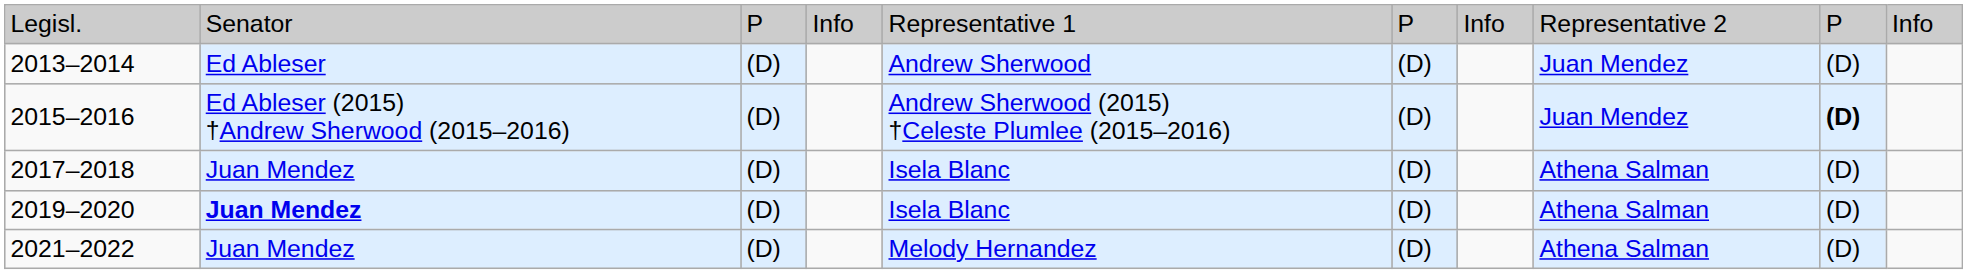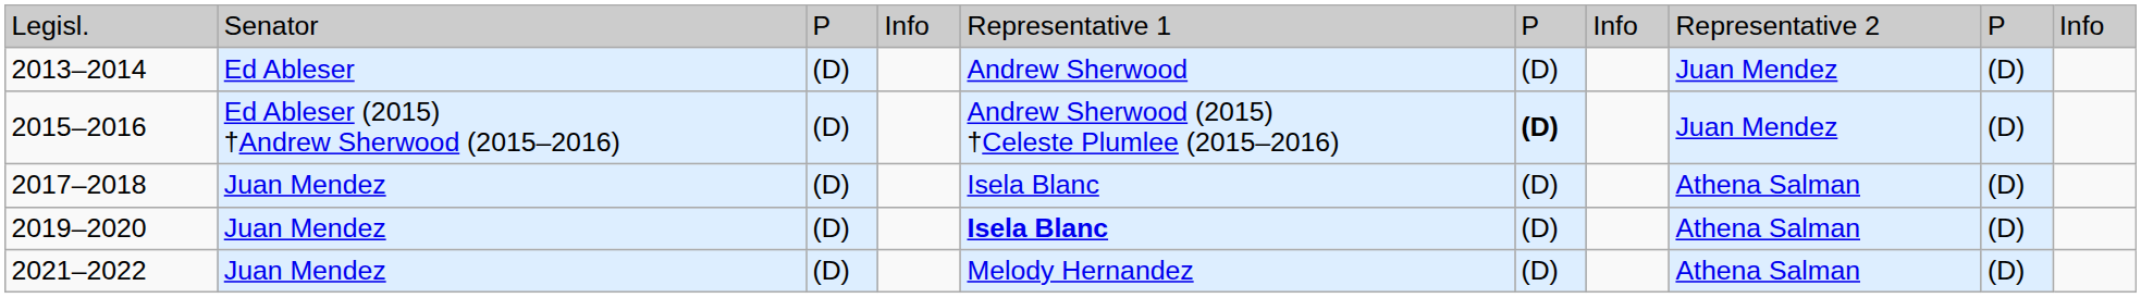 <table class=wikitable width="100%" border="1">
 <tr style="background-color:#cccccc;">
 <td>Legisl.</td>
 <td>Senator</td>
 <td>P</td>
 <td>Info</td>
 <td>Representative 1</td>
 <td>P</td>
 <td>Info</td>
 <td>Representative 2</td>
 <td>P</td>
 <td>Info</td>
 </tr>
 <tr>
 <td>2013–2014</td>
 <td style="background:#DDEEFF"><a href='#'>Ed Ableser</a></td>
 <td style="background:#DDEEFF">(D)</td>
 <td></td>
 <td style="background:#DDEEFF"><a href='#'>Andrew Sherwood</a></td>
 <td style="background:#DDEEFF">(D)</td>
 <td></td>
 <td style="background:#DDEEFF"><a href='#'>Juan Mendez</a></td>
 <td style="background:#DDEEFF">(D)</td>
 <td></td>
 </tr>
 <tr>
 <td>2015–2016</td>
 <td style="background:#DDEEFF"><a href='#'>Ed Ableser</a> (2015) <br>†<a href='#'>Andrew Sherwood</a> (2015–2016)</td>
 <td style="background:#DDEEFF">(D)</td>
 <td></td>
 <td style="background:#DDEEFF"><a href='#'>Andrew Sherwood</a> (2015)<br>†<a href='#'>Celeste Plumlee</a> (2015–2016)</td>
-<td style="background:#DDEEFF">(D)</td>
+<td style="background:#DDEEFF"><strong>(D)</strong></td>
 <td></td>
 <td style="background:#DDEEFF"><a href='#'>Juan Mendez</a></td>
-<td style="background:#DDEEFF"><strong>(D)</strong></td>
+<td style="background:#DDEEFF">(D)</td>
 <td></td>
 </tr>
 <tr>
 <td>2017–2018</td>
 <td style="background:#DDEEFF"><a href='#'>Juan Mendez</a></td>
 <td style="background:#DDEEFF">(D)</td>
 <td></td>
 <td style="background:#DDEEFF"><a href='#'>Isela Blanc</a></td>
 <td style="background:#DDEEFF">(D)</td>
 <td></td>
 <td style="background:#DDEEFF"><a href='#'>Athena Salman</a></td>
 <td style="background:#DDEEFF">(D)</td>
 <td></td>
 </tr>
 <tr>
 <td>2019–2020</td>
-<td style="background:#DDEEFF"><strong><a href='#'>Juan Mendez</a></strong></td>
+<td style="background:#DDEEFF"><a href='#'>Juan Mendez</a></td>
 <td style="background:#DDEEFF">(D)</td>
 <td></td>
-<td style="background:#DDEEFF"><a href='#'>Isela Blanc</a></td>
+<td style="background:#DDEEFF"><strong><a href='#'>Isela Blanc</a></strong></td>
 <td style="background:#DDEEFF">(D)</td>
 <td></td>
 <td style="background:#DDEEFF"><a href='#'>Athena Salman</a></td>
 <td style="background:#DDEEFF">(D)</td>
 <td></td>
 </tr>
 <tr>
 <td>2021–2022</td>
 <td style="background:#DDEEFF"><a href='#'>Juan Mendez</a></td>
 <td style="background:#DDEEFF">(D)</td>
 <td></td>
 <td style="background:#DDEEFF"><a href='#'>Melody Hernandez</a></td>
 <td style="background:#DDEEFF">(D)</td>
 <td></td>
 <td style="background:#DDEEFF"><a href='#'>Athena Salman</a></td>
 <td style="background:#DDEEFF">(D)</td>
 <td></td>
 </tr>
 </table>
